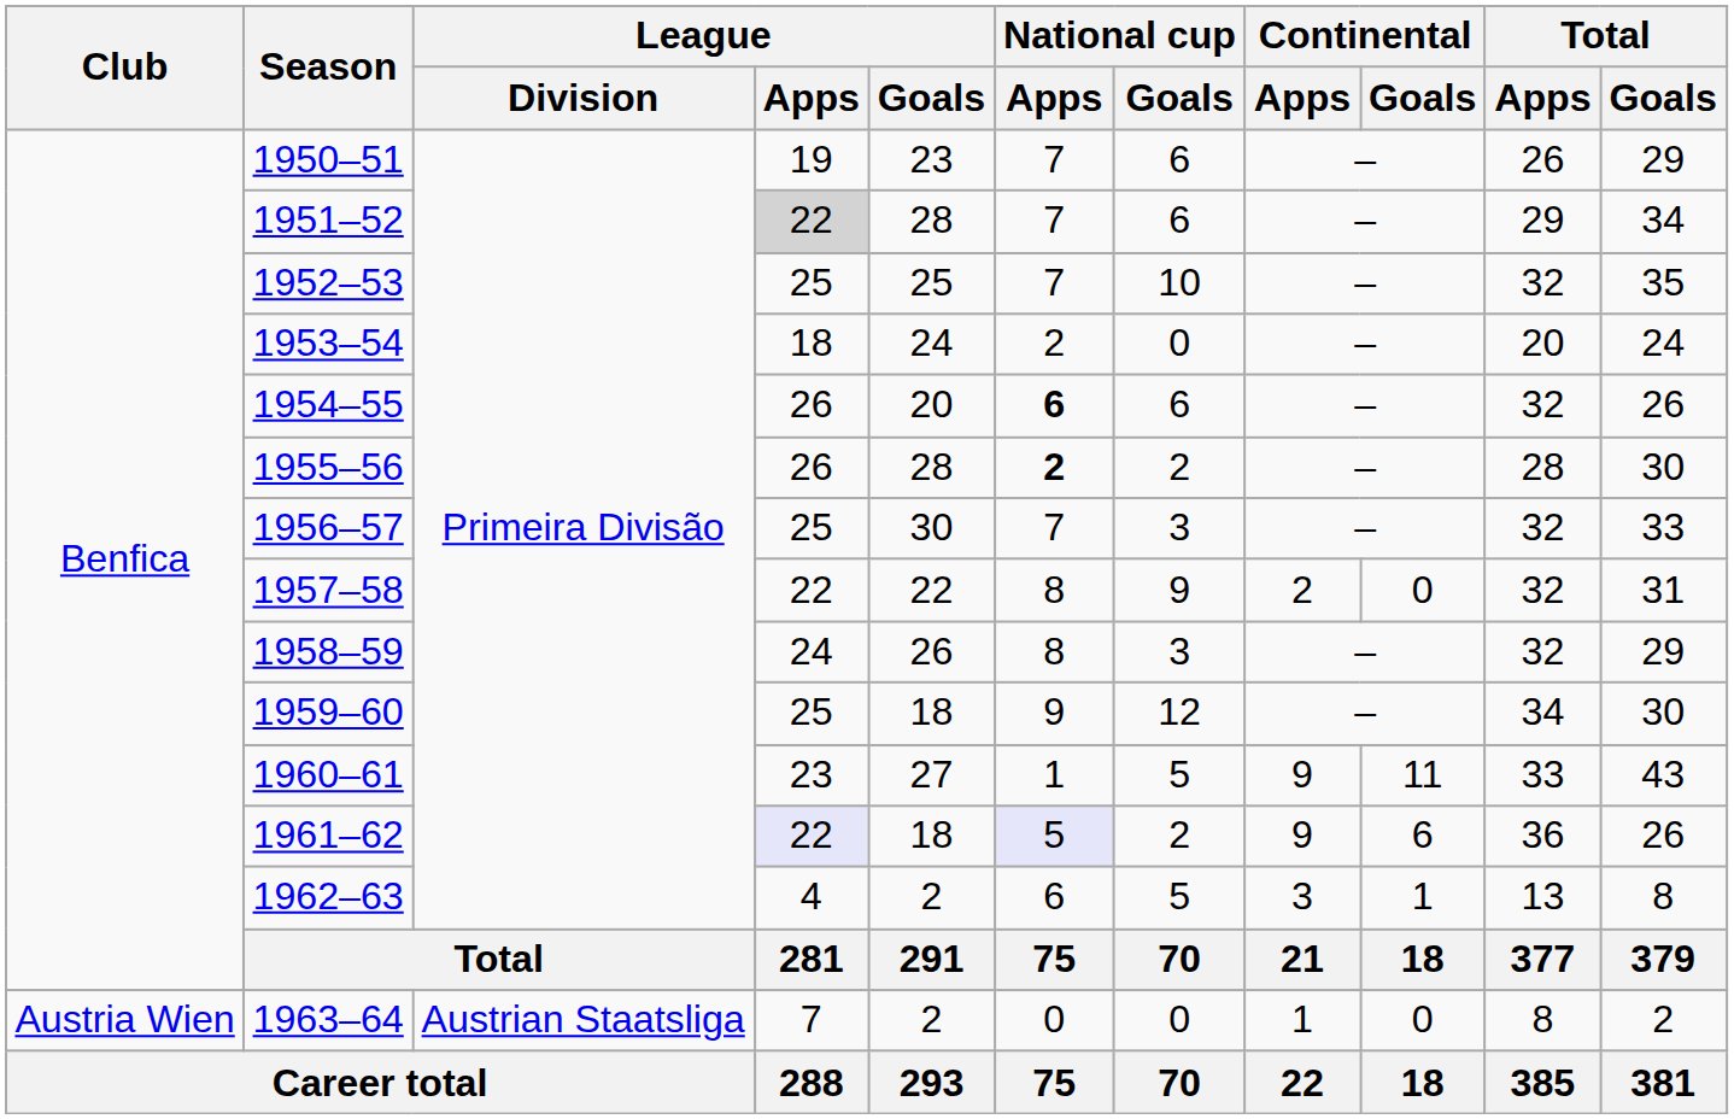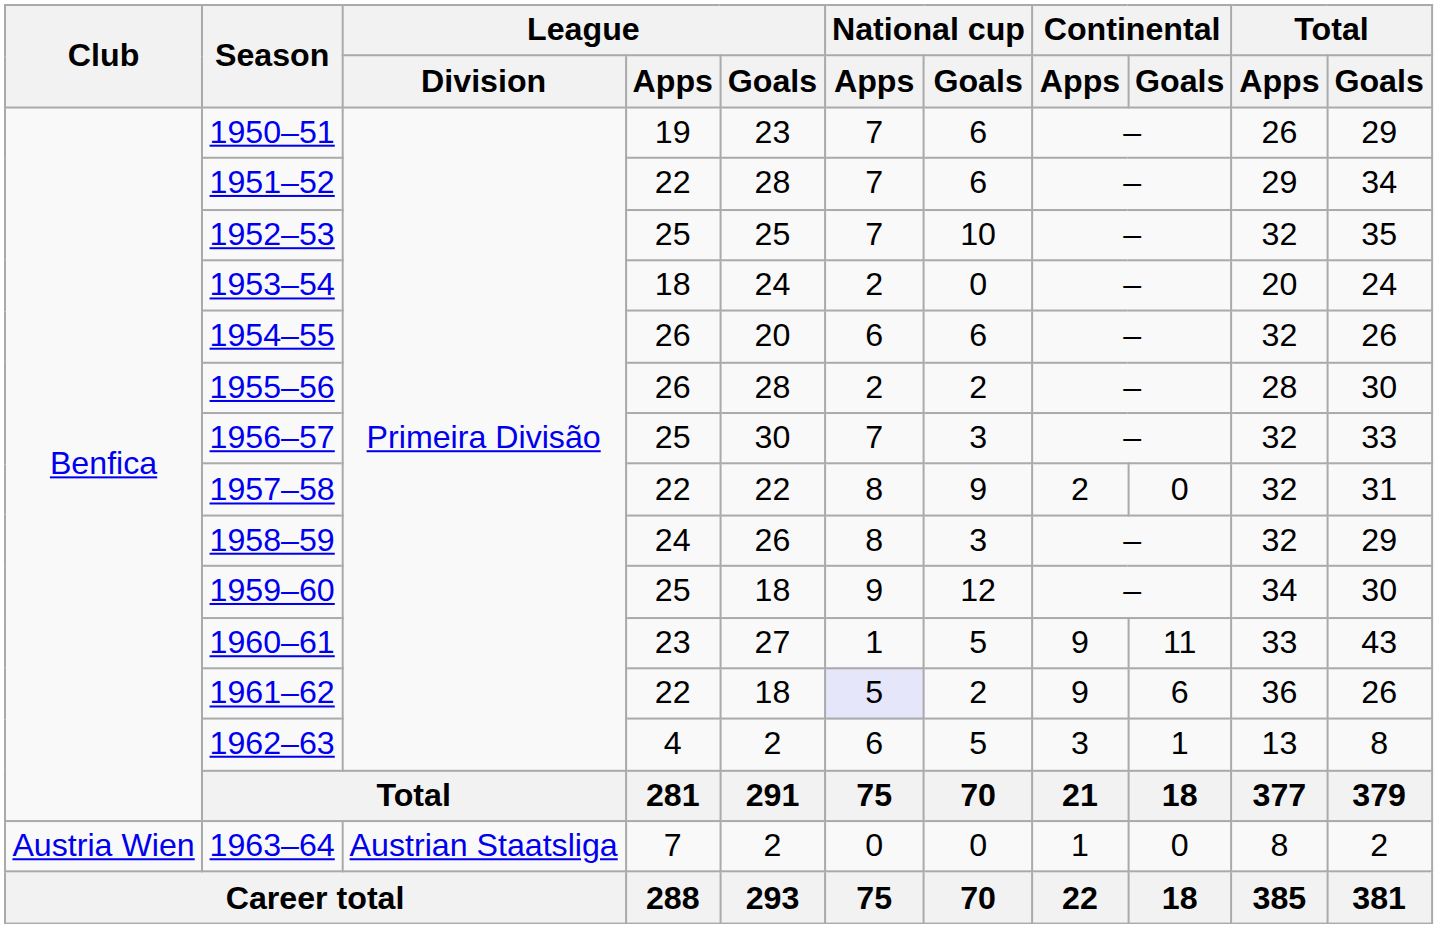 <table class="wikitable" style="text-align:center">
 <tr>
 <th rowspan="2">Club</th>
 <th rowspan="2">Season</th>
 <th colspan="3">League</th>
 <th colspan="2">National cup</th>
 <th colspan="2">Continental</th>
 <th colspan="2">Total</th>
 </tr>
 <tr>
 <th>Division</th>
 <th>Apps</th>
 <th>Goals</th>
 <th>Apps</th>
 <th>Goals</th>
 <th>Apps</th>
 <th>Goals</th>
 <th>Apps</th>
 <th>Goals</th>
 </tr>
 <tr>
 <td rowspan="14"><a href='#'>Benfica</a></td>
 <td><a href='#'>1950–51</a></td>
 <td rowspan="13"><a href='#'>Primeira Divisão</a></td>
 <td>19</td>
 <td>23</td>
 <td>7</td>
 <td>6</td>
 <td colspan="2">–</td>
 <td>26</td>
 <td>29</td>
 </tr>
 <tr>
 <td><a href='#'>1951–52</a></td>
-<td style="background: lightgrey;">22</td>
+<td>22</td>
 <td>28</td>
 <td>7</td>
 <td>6</td>
 <td colspan="2">–</td>
 <td>29</td>
 <td>34</td>
 </tr>
 <tr>
 <td><a href='#'>1952–53</a></td>
 <td>25</td>
 <td>25</td>
 <td>7</td>
 <td>10</td>
 <td colspan="2">–</td>
 <td>32</td>
 <td>35</td>
 </tr>
 <tr>
 <td><a href='#'>1953–54</a></td>
 <td>18</td>
 <td>24</td>
 <td>2</td>
 <td>0</td>
 <td colspan="2">–</td>
 <td>20</td>
 <td>24</td>
 </tr>
 <tr>
 <td><a href='#'>1954–55</a></td>
 <td>26</td>
 <td>20</td>
-<td><strong>6</strong></td>
+<td>6</td>
 <td>6</td>
 <td colspan="2">–</td>
 <td>32</td>
 <td>26</td>
 </tr>
 <tr>
 <td><a href='#'>1955–56</a></td>
 <td>26</td>
 <td>28</td>
-<td><strong>2</strong></td>
+<td>2</td>
 <td>2</td>
 <td colspan="2">–</td>
 <td>28</td>
 <td>30</td>
 </tr>
 <tr>
 <td><a href='#'>1956–57</a></td>
 <td>25</td>
 <td>30</td>
 <td>7</td>
 <td>3</td>
 <td colspan="2">–</td>
 <td>32</td>
 <td>33</td>
 </tr>
 <tr>
 <td><a href='#'>1957–58</a></td>
 <td>22</td>
 <td>22</td>
 <td>8</td>
 <td>9</td>
 <td>2</td>
 <td>0</td>
 <td>32</td>
 <td>31</td>
 </tr>
 <tr>
 <td><a href='#'>1958–59</a></td>
 <td>24</td>
 <td>26</td>
 <td>8</td>
 <td>3</td>
 <td colspan="2">–</td>
 <td>32</td>
 <td>29</td>
 </tr>
 <tr>
 <td><a href='#'>1959–60</a></td>
 <td>25</td>
 <td>18</td>
 <td>9</td>
 <td>12</td>
 <td colspan="2">–</td>
 <td>34</td>
 <td>30</td>
 </tr>
 <tr>
 <td><a href='#'>1960–61</a></td>
 <td>23</td>
 <td>27</td>
 <td>1</td>
 <td>5</td>
 <td>9</td>
 <td>11</td>
 <td>33</td>
 <td>43</td>
 </tr>
 <tr>
 <td><a href='#'>1961–62</a></td>
-<td style="background: lavender;">22</td>
+<td>22</td>
 <td>18</td>
 <td style="background: lavender;">5</td>
 <td>2</td>
 <td>9</td>
 <td>6</td>
 <td>36</td>
 <td>26</td>
 </tr>
 <tr>
 <td><a href='#'>1962–63</a></td>
 <td>4</td>
 <td>2</td>
 <td>6</td>
 <td>5</td>
 <td>3</td>
 <td>1</td>
 <td>13</td>
 <td>8</td>
 </tr>
 <tr>
 <th colspan="2">Total</th>
 <th>281</th>
 <th>291</th>
 <th>75</th>
 <th>70</th>
 <th>21</th>
 <th>18</th>
 <th>377</th>
 <th>379</th>
 </tr>
 <tr>
 <td><a href='#'>Austria Wien</a></td>
 <td><a href='#'>1963–64</a></td>
 <td><a href='#'>Austrian Staatsliga</a></td>
 <td>7</td>
 <td>2</td>
 <td>0</td>
 <td>0</td>
 <td>1</td>
 <td>0</td>
 <td>8</td>
 <td>2</td>
 </tr>
 <tr>
 <th colspan="3">Career total</th>
 <th>288</th>
 <th>293</th>
 <th>75</th>
 <th>70</th>
 <th>22</th>
 <th>18</th>
 <th>385</th>
 <th>381</th>
 </tr>
 </table>
